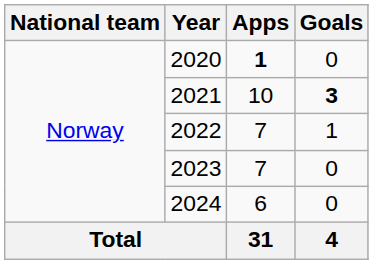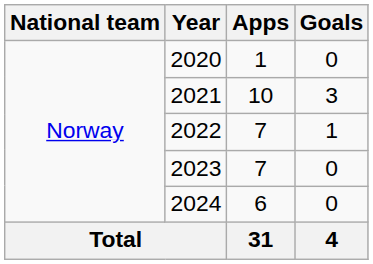 <table class=wikitable style=text-align:center>
 <tr>
 <th>National team</th>
 <th>Year</th>
 <th>Apps</th>
 <th>Goals</th>
 </tr>
 <tr>
 <td rowspan="5"><a href='#'>Norway</a></td>
 <td>2020</td>
-<td><strong>1</strong></td>
+<td>1</td>
 <td>0</td>
 </tr>
 <tr>
 <td>2021</td>
 <td>10</td>
-<td><strong>3</strong></td>
+<td>3</td>
 </tr>
 <tr>
 <td>2022</td>
 <td>7</td>
 <td>1</td>
 </tr>
 <tr>
 <td>2023</td>
 <td>7</td>
 <td>0</td>
 </tr>
 <tr>
 <td>2024</td>
 <td>6</td>
 <td>0</td>
 </tr>
 <tr>
 <th colspan="2">Total</th>
 <th>31</th>
 <th>4</th>
 </tr>
 </table>
